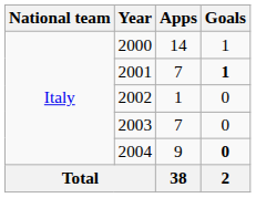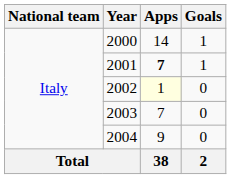 <table class="wikitable" style="text-align:center">
 <tr>
 <th>National team</th>
 <th>Year</th>
 <th>Apps</th>
 <th>Goals</th>
 </tr>
 <tr>
 <td rowspan="5"><a href='#'>Italy</a></td>
 <td>2000</td>
 <td>14</td>
 <td>1</td>
 </tr>
 <tr>
 <td>2001</td>
-<td>7</td>
-<td><strong>1</strong></td>
+<td><strong>7</strong></td>
+<td>1</td>
 </tr>
 <tr>
 <td>2002</td>
-<td>1</td>
+<td style="background: lightyellow;">1</td>
 <td>0</td>
 </tr>
 <tr>
 <td>2003</td>
 <td>7</td>
 <td>0</td>
 </tr>
 <tr>
 <td>2004</td>
 <td>9</td>
-<td><strong>0</strong></td>
+<td>0</td>
 </tr>
 <tr>
 <th colspan="2">Total</th>
 <th>38</th>
 <th>2</th>
 </tr>
 </table>
